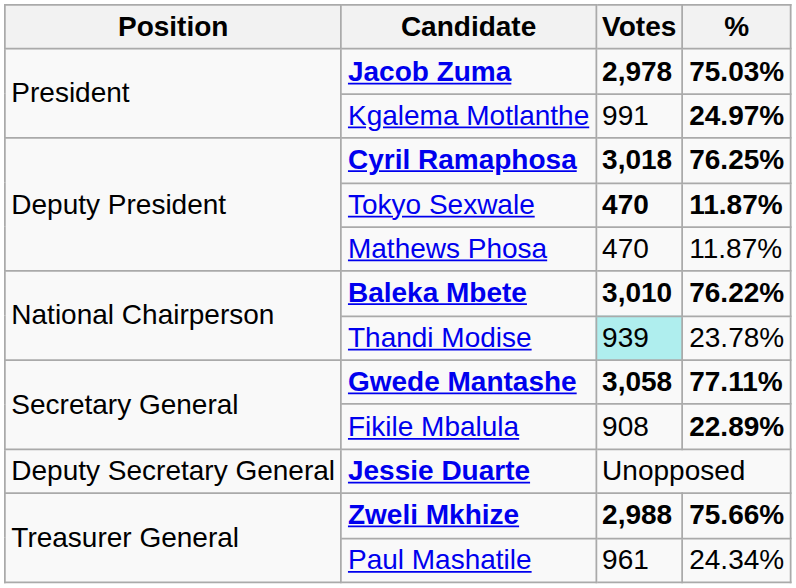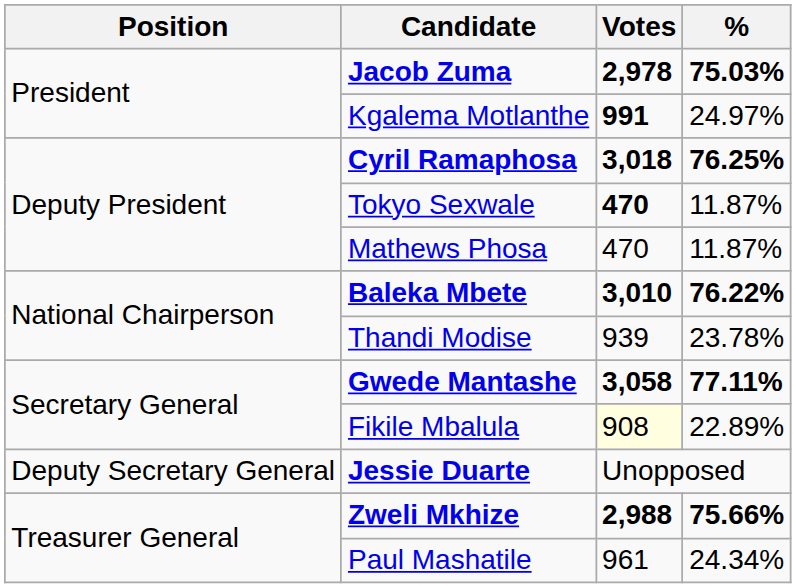 <table class="wikitable">
 <tr>
 <th>Position</th>
 <th>Candidate</th>
 <th>Votes</th>
 <th>%</th>
 </tr>
 <tr>
 <td rowspan="2">President</td>
 <td><strong><a href='#'>Jacob Zuma</a></strong></td>
 <td><strong>2,978</strong></td>
 <td><strong>75.03%</strong></td>
 </tr>
 <tr>
 <td><a href='#'>Kgalema Motlanthe</a></td>
-<td>991</td>
-<td><strong>24.97%</strong></td>
+<td><strong>991</strong></td>
+<td>24.97%</td>
 </tr>
 <tr>
 <td rowspan="3">Deputy President</td>
 <td><strong><a href='#'>Cyril Ramaphosa</a></strong></td>
 <td><strong>3,018</strong></td>
 <td><strong>76.25%</strong></td>
 </tr>
 <tr>
 <td><a href='#'>Tokyo Sexwale</a></td>
 <td><strong>470</strong></td>
-<td><strong>11.87%</strong></td>
+<td>11.87%</td>
 </tr>
 <tr>
 <td><a href='#'>Mathews Phosa</a></td>
 <td>470</td>
 <td>11.87%</td>
 </tr>
 <tr>
 <td rowspan="2">National Chairperson</td>
 <td><strong><a href='#'>Baleka Mbete</a></strong></td>
 <td><strong>3,010</strong></td>
 <td><strong>76.22%</strong></td>
 </tr>
 <tr>
 <td><a href='#'>Thandi Modise</a></td>
-<td style="background: paleturquoise;">939</td>
+<td>939</td>
 <td>23.78%</td>
 </tr>
 <tr>
 <td rowspan="2">Secretary General</td>
 <td><strong><a href='#'>Gwede Mantashe</a></strong></td>
 <td><strong>3,058</strong></td>
 <td><strong>77.11%</strong></td>
 </tr>
 <tr>
 <td><a href='#'>Fikile Mbalula</a></td>
-<td>908</td>
-<td><strong>22.89%</strong></td>
+<td style="background: lightyellow;">908</td>
+<td>22.89%</td>
 </tr>
 <tr>
 <td>Deputy Secretary General</td>
 <td><strong><a href='#'>Jessie Duarte</a></strong></td>
 <td colspan="2">Unopposed</td>
 </tr>
 <tr>
 <td rowspan="2">Treasurer General</td>
 <td><strong><a href='#'>Zweli Mkhize</a></strong></td>
 <td><strong>2,988</strong></td>
 <td><strong>75.66%</strong></td>
 </tr>
 <tr>
 <td><a href='#'>Paul Mashatile</a></td>
 <td>961</td>
 <td>24.34%</td>
 </tr>
 </table>
